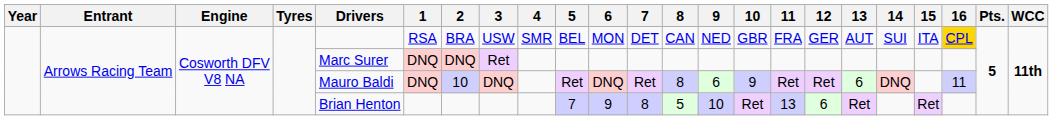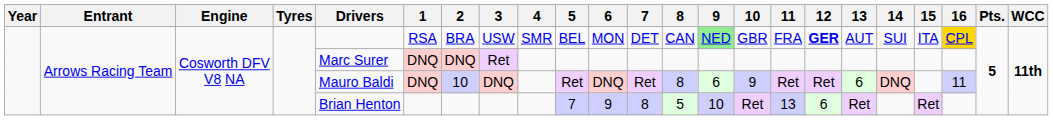 <table class="wikitable" style="text-align:center; font-size:95%">
 <tr>
 <th>Year</th>
 <th>Entrant</th>
 <th>Engine</th>
 <th>Tyres</th>
 <th>Drivers</th>
 <th>1</th>
 <th>2</th>
 <th>3</th>
 <th>4</th>
 <th>5</th>
 <th>6</th>
 <th>7</th>
 <th>8</th>
 <th>9</th>
 <th>10</th>
 <th>11</th>
 <th>12</th>
 <th>13</th>
 <th>14</th>
 <th>15</th>
 <th>16</th>
 <th>Pts.</th>
 <th>WCC</th>
 </tr>
 <tr>
 <td rowspan="4"></td>
 <td rowspan="4"><a href='#'>Arrows Racing Team</a></td>
 <td rowspan="4"><a href='#'>Cosworth DFV</a><br><a href='#'>V8</a> <a href='#'>NA</a></td>
 <td rowspan="4"></td>
 <td></td>
 <td><a href='#'>RSA</a></td>
 <td><a href='#'>BRA</a></td>
 <td><a href='#'>USW</a></td>
 <td><a href='#'>SMR</a></td>
 <td><a href='#'>BEL</a></td>
 <td><a href='#'>MON</a></td>
 <td><a href='#'>DET</a></td>
 <td><a href='#'>CAN</a></td>
-<td><a href='#'>NED</a></td>
+<td style="background: lightgreen;"><a href='#'>NED</a></td>
 <td><a href='#'>GBR</a></td>
 <td><a href='#'>FRA</a></td>
-<td><a href='#'>GER</a></td>
+<td><strong><a href='#'>GER</a></strong></td>
 <td><a href='#'>AUT</a></td>
 <td><a href='#'>SUI</a></td>
 <td><a href='#'>ITA</a></td>
 <td style="background: gold;"><a href='#'>CPL</a></td>
 <td rowspan="4"><strong>5</strong></td>
 <td rowspan="4"><strong>11th</strong></td>
 </tr>
 <tr>
 <td align="left"><a href='#'>Marc Surer</a></td>
 <td style="background:#ffcfcf;">DNQ</td>
 <td style="background:#ffcfcf;">DNQ</td>
 <td style="background:#EFCFFF;">Ret</td>
 <td></td>
 <td></td>
 <td></td>
 <td></td>
 <td></td>
 <td></td>
 <td></td>
 <td></td>
 <td></td>
 <td></td>
 <td></td>
 <td></td>
 <td></td>
 </tr>
 <tr>
 <td align="left"><a href='#'>Mauro Baldi</a></td>
 <td style="background:#ffcfcf;">DNQ</td>
 <td style="background:#cfcfff;">10</td>
 <td style="background:#ffcfcf;">DNQ</td>
 <td></td>
 <td style="background:#EFCFFF;">Ret</td>
 <td style="background:#ffcfcf;">DNQ</td>
 <td style="background:#EFCFFF;">Ret</td>
 <td style="background:#cfcfff;">8</td>
 <td style="background:#DFFFDF;">6</td>
 <td style="background:#cfcfff;">9</td>
 <td style="background:#EFCFFF;">Ret</td>
 <td style="background:#EFCFFF;">Ret</td>
 <td style="background:#DFFFDF;">6</td>
 <td style="background:#ffcfcf;">DNQ</td>
 <td></td>
 <td style="background:#cfcfff;">11</td>
 </tr>
 <tr>
 <td align="left"><a href='#'>Brian Henton</a></td>
 <td></td>
 <td></td>
 <td></td>
 <td></td>
 <td style="background:#cfcfff;">7</td>
 <td style="background:#cfcfff;">9</td>
 <td style="background:#cfcfff;">8</td>
 <td style="background:#DFFFDF;">5</td>
 <td style="background:#cfcfff;">10</td>
 <td style="background:#EFCFFF;">Ret</td>
 <td style="background:#cfcfff;">13</td>
 <td style="background:#DFFFDF;">6</td>
 <td style="background:#EFCFFF;">Ret</td>
 <td></td>
 <td style="background:#EFCFFF;">Ret</td>
 <td></td>
 </tr>
 </table>
